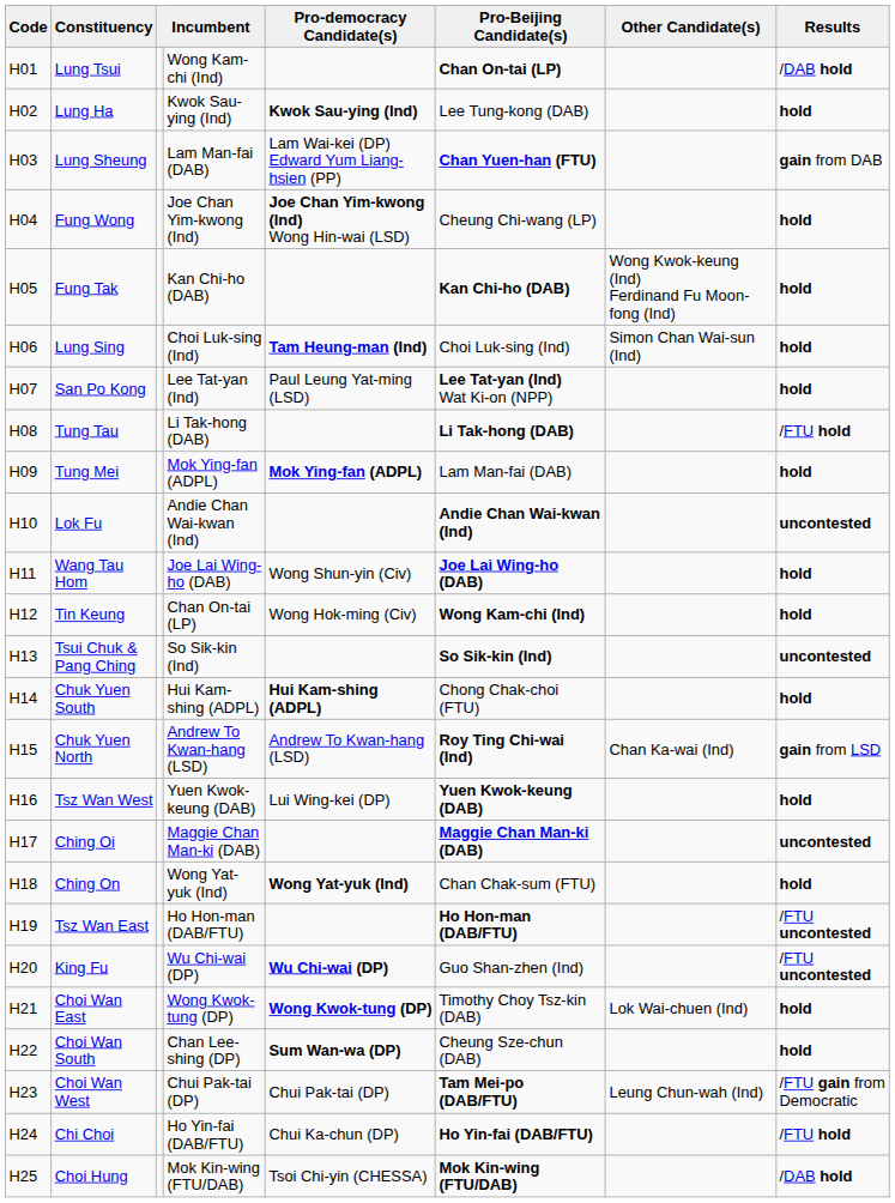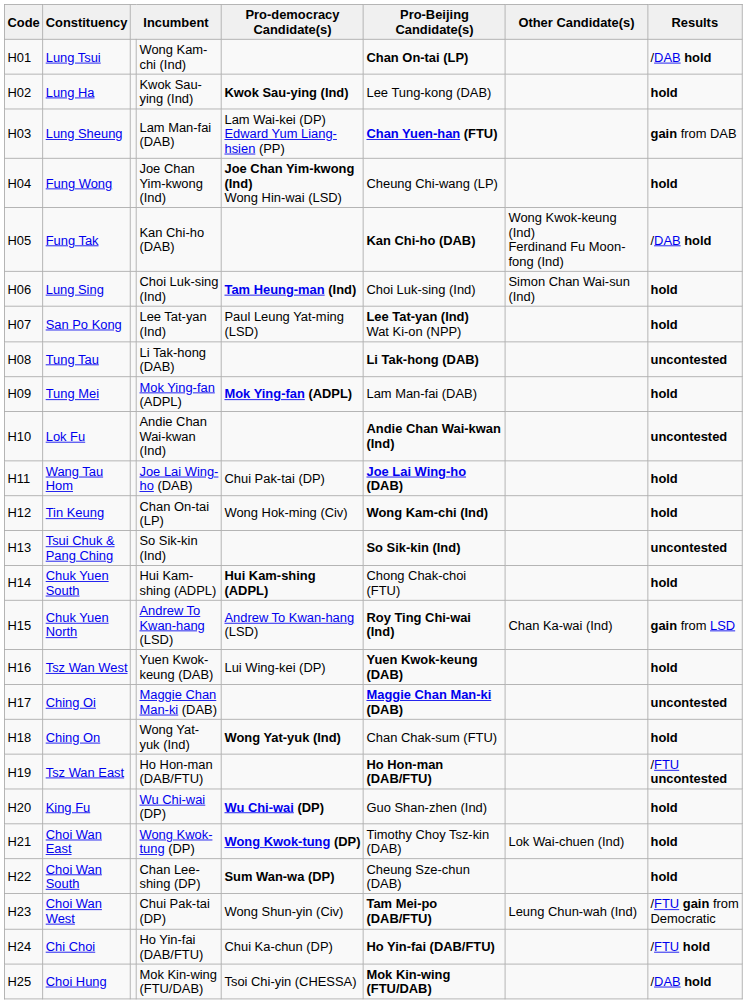 <table class="wikitable" style="font-size: 95%;">
 <tr>
 <th align="center" style="background:#f0f0f0;" width="20px">Code</th>
 <th align="center" style="background:#f0f0f0;" width="90px">Constituency</th>
 <th align="center" style="background:#f0f0f0;" width="120px" colspan=2>Incumbent</th>
 <th align="center" style="background:#f0f0f0;" width="160px">Pro-democracy Candidate(s)</th>
 <th align="center" style="background:#f0f0f0;" width="160px">Pro-Beijing Candidate(s)</th>
 <th align="center" style="background:#f0f0f0;" width="160px">Other Candidate(s)</th>
 <th align="center" style="background:#f0f0f0;" width="100px" colspan="2">Results</th>
 </tr>
 <tr>
 <td>H01</td>
 <td><a href='#'>Lung Tsui</a></td>
 <td></td>
 <td>Wong Kam-chi (Ind)</td>
 <td></td>
 <td><strong>Chan On-tai (LP)</strong></td>
 <td></td>
 <td>/<a href='#'>DAB</a> <strong>hold</strong></td>
 </tr>
 <tr>
 <td>H02</td>
 <td><a href='#'>Lung Ha</a></td>
 <td></td>
 <td>Kwok Sau-ying (Ind)</td>
 <td><strong>Kwok Sau-ying (Ind)</strong></td>
 <td>Lee Tung-kong (DAB)</td>
 <td></td>
 <td> <strong>hold</strong></td>
 </tr>
 <tr>
 <td>H03</td>
 <td><a href='#'>Lung Sheung</a></td>
 <td></td>
 <td>Lam Man-fai (DAB)</td>
 <td>Lam Wai-kei (DP)<br><a href='#'>Edward Yum Liang-hsien</a> (PP)</td>
 <td><strong><a href='#'>Chan Yuen-han</a> (FTU)</strong></td>
 <td></td>
 <td> <strong>gain</strong> from DAB</td>
 </tr>
 <tr>
 <td>H04</td>
 <td><a href='#'>Fung Wong</a></td>
 <td></td>
 <td>Joe Chan Yim-kwong (Ind)</td>
 <td><strong>Joe Chan Yim-kwong (Ind)</strong><br> Wong Hin-wai (LSD)</td>
 <td>Cheung Chi-wang (LP)</td>
 <td></td>
 <td> <strong>hold</strong></td>
 </tr>
 <tr>
 <td>H05</td>
 <td><a href='#'>Fung Tak</a></td>
 <td></td>
 <td>Kan Chi-ho (DAB)</td>
 <td></td>
 <td><strong>Kan Chi-ho (DAB)</strong></td>
 <td>Wong Kwok-keung (Ind)<br>Ferdinand Fu Moon-fong (Ind)</td>
-<td> <strong>hold</strong></td>
+<td>/<a href='#'>DAB</a> <strong>hold</strong></td>
 </tr>
 <tr>
 <td>H06</td>
 <td><a href='#'>Lung Sing</a></td>
 <td></td>
 <td>Choi Luk-sing (Ind)</td>
 <td><strong><a href='#'>Tam Heung-man</a> (Ind)</strong></td>
 <td>Choi Luk-sing (Ind)</td>
 <td>Simon Chan Wai-sun (Ind)</td>
 <td> <strong>hold</strong></td>
 </tr>
 <tr>
 <td>H07</td>
 <td><a href='#'>San Po Kong</a></td>
 <td></td>
 <td>Lee Tat-yan (Ind)</td>
 <td>Paul Leung Yat-ming (LSD)</td>
 <td><strong>Lee Tat-yan (Ind)</strong><br>Wat Ki-on (NPP)</td>
 <td></td>
 <td> <strong>hold</strong></td>
 </tr>
 <tr>
 <td>H08</td>
 <td><a href='#'>Tung Tau</a></td>
 <td></td>
 <td>Li Tak-hong (DAB)</td>
 <td></td>
 <td><strong>Li Tak-hong (DAB)</strong></td>
 <td></td>
-<td>/<a href='#'>FTU</a> <strong>hold</strong></td>
+<td> <strong>uncontested</strong></td>
 </tr>
 <tr>
 <td>H09</td>
 <td><a href='#'>Tung Mei</a></td>
 <td></td>
 <td><a href='#'>Mok Ying-fan</a> (ADPL)</td>
 <td><strong><a href='#'>Mok Ying-fan</a> (ADPL)</strong></td>
 <td>Lam Man-fai (DAB)</td>
 <td></td>
 <td> <strong>hold</strong></td>
 </tr>
 <tr>
 <td>H10</td>
 <td><a href='#'>Lok Fu</a></td>
 <td></td>
 <td>Andie Chan Wai-kwan (Ind)</td>
 <td></td>
 <td><strong>Andie Chan Wai-kwan (Ind)</strong></td>
 <td></td>
 <td> <strong>uncontested</strong></td>
 </tr>
 <tr>
 <td>H11</td>
 <td><a href='#'>Wang Tau Hom</a></td>
 <td></td>
 <td><a href='#'>Joe Lai Wing-ho</a> (DAB)</td>
-<td>Wong Shun-yin (Civ)</td>
+<td>Chui Pak-tai (DP)</td>
 <td><strong><a href='#'>Joe Lai Wing-ho</a> (DAB)</strong></td>
 <td></td>
 <td> <strong>hold</strong></td>
 </tr>
 <tr>
 <td>H12</td>
 <td><a href='#'>Tin Keung</a></td>
 <td></td>
 <td>Chan On-tai (LP)</td>
 <td>Wong Hok-ming (Civ)</td>
 <td><strong>Wong Kam-chi (Ind)</strong></td>
 <td></td>
 <td> <strong>hold</strong></td>
 </tr>
 <tr>
 <td>H13</td>
 <td><a href='#'>Tsui Chuk & Pang Ching</a></td>
 <td></td>
 <td>So Sik-kin (Ind)</td>
 <td></td>
 <td><strong>So Sik-kin (Ind)</strong></td>
 <td></td>
 <td> <strong>uncontested</strong></td>
 </tr>
 <tr>
 <td>H14</td>
 <td><a href='#'>Chuk Yuen South</a></td>
 <td></td>
 <td>Hui Kam-shing (ADPL)</td>
 <td><strong>Hui Kam-shing (ADPL)</strong></td>
 <td>Chong Chak-choi (FTU)</td>
 <td></td>
 <td> <strong>hold</strong></td>
 </tr>
 <tr>
 <td>H15</td>
 <td><a href='#'>Chuk Yuen North</a></td>
 <td></td>
 <td><a href='#'>Andrew To Kwan-hang</a> (LSD)</td>
 <td><a href='#'>Andrew To Kwan-hang</a> (LSD)</td>
 <td><strong> Roy Ting Chi-wai (Ind)</strong></td>
 <td>Chan Ka-wai (Ind)</td>
 <td> <strong>gain</strong> from <a href='#'>LSD</a></td>
 </tr>
 <tr>
 <td>H16</td>
 <td><a href='#'>Tsz Wan West</a></td>
 <td></td>
 <td>Yuen Kwok-keung (DAB)</td>
 <td>Lui Wing-kei (DP)</td>
 <td><strong>Yuen Kwok-keung (DAB)</strong></td>
 <td></td>
 <td> <strong>hold</strong></td>
 </tr>
 <tr>
 <td>H17</td>
 <td><a href='#'>Ching Oi</a></td>
 <td></td>
 <td><a href='#'>Maggie Chan Man-ki</a> (DAB)</td>
 <td></td>
 <td><strong><a href='#'>Maggie Chan Man-ki</a> (DAB)</strong></td>
 <td></td>
 <td> <strong>uncontested</strong></td>
 </tr>
 <tr>
 <td>H18</td>
 <td><a href='#'>Ching On</a></td>
 <td></td>
 <td>Wong Yat-yuk (Ind)</td>
 <td><strong>Wong Yat-yuk (Ind)</strong></td>
 <td>Chan Chak-sum (FTU)</td>
 <td></td>
 <td> <strong>hold</strong></td>
 </tr>
 <tr>
 <td>H19</td>
 <td><a href='#'>Tsz Wan East</a></td>
 <td></td>
 <td>Ho Hon-man (DAB/FTU)</td>
 <td></td>
 <td><strong>Ho Hon-man (DAB/FTU)</strong></td>
 <td></td>
 <td>/<a href='#'>FTU</a> <strong>uncontested</strong></td>
 </tr>
 <tr>
 <td>H20</td>
 <td><a href='#'>King Fu</a></td>
 <td></td>
 <td><a href='#'>Wu Chi-wai</a> (DP)</td>
 <td><strong><a href='#'>Wu Chi-wai</a> (DP)</strong></td>
 <td>Guo Shan-zhen (Ind)</td>
 <td></td>
-<td>/<a href='#'>FTU</a> <strong>uncontested</strong></td>
+<td> <strong>hold</strong></td>
 </tr>
 <tr>
 <td>H21</td>
 <td><a href='#'>Choi Wan East</a></td>
 <td></td>
 <td><a href='#'>Wong Kwok-tung</a> (DP)</td>
 <td><strong><a href='#'>Wong Kwok-tung</a> (DP)</strong></td>
 <td>Timothy Choy Tsz-kin (DAB)</td>
 <td>Lok Wai-chuen (Ind)</td>
 <td> <strong>hold</strong></td>
 </tr>
 <tr>
 <td>H22</td>
 <td><a href='#'>Choi Wan South</a></td>
 <td></td>
 <td>Chan Lee-shing (DP)</td>
 <td><strong>Sum Wan-wa (DP)</strong></td>
 <td>Cheung Sze-chun (DAB)</td>
 <td></td>
 <td> <strong>hold</strong></td>
 </tr>
 <tr>
 <td>H23</td>
 <td><a href='#'>Choi Wan West</a></td>
 <td></td>
 <td>Chui Pak-tai (DP)</td>
-<td>Chui Pak-tai (DP)</td>
+<td>Wong Shun-yin (Civ)</td>
 <td><strong>Tam Mei-po (DAB/FTU)</strong></td>
 <td>Leung Chun-wah (Ind)</td>
 <td>/<a href='#'>FTU</a> <strong>gain</strong> from Democratic</td>
 </tr>
 <tr>
 <td>H24</td>
 <td><a href='#'>Chi Choi</a></td>
 <td></td>
 <td>Ho Yin-fai (DAB/FTU)</td>
 <td>Chui Ka-chun (DP)</td>
 <td><strong>Ho Yin-fai (DAB/FTU)</strong></td>
 <td></td>
 <td>/<a href='#'>FTU</a> <strong>hold</strong></td>
 </tr>
 <tr>
 <td>H25</td>
 <td><a href='#'>Choi Hung</a></td>
 <td></td>
 <td>Mok Kin-wing (FTU/DAB)</td>
 <td>Tsoi Chi-yin (CHESSA)</td>
 <td><strong>Mok Kin-wing (FTU/DAB)</strong></td>
 <td></td>
 <td>/<a href='#'>DAB</a> <strong>hold</strong></td>
 </tr>
 </table>
